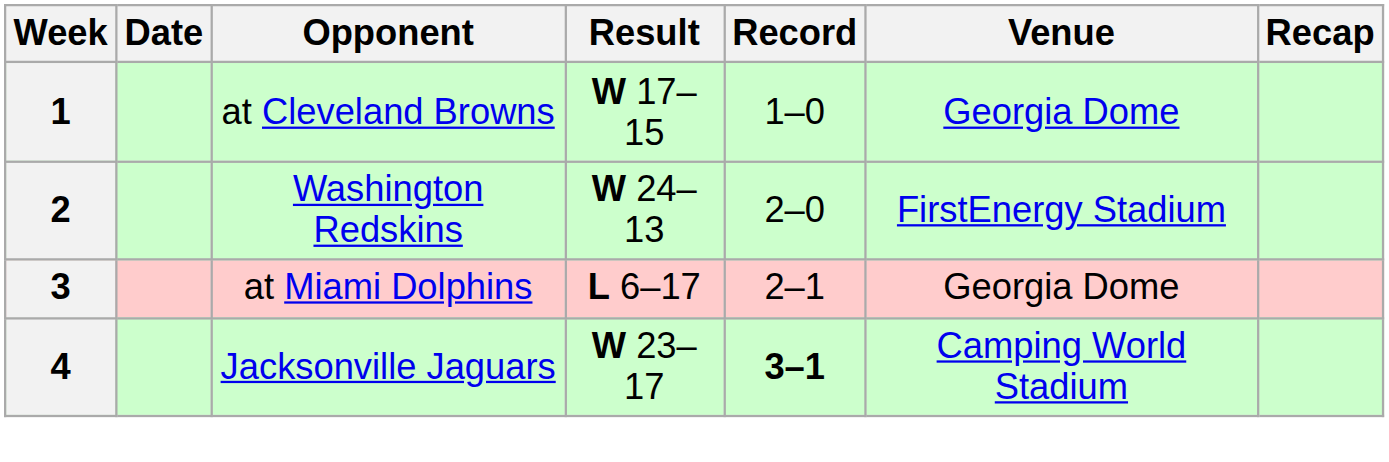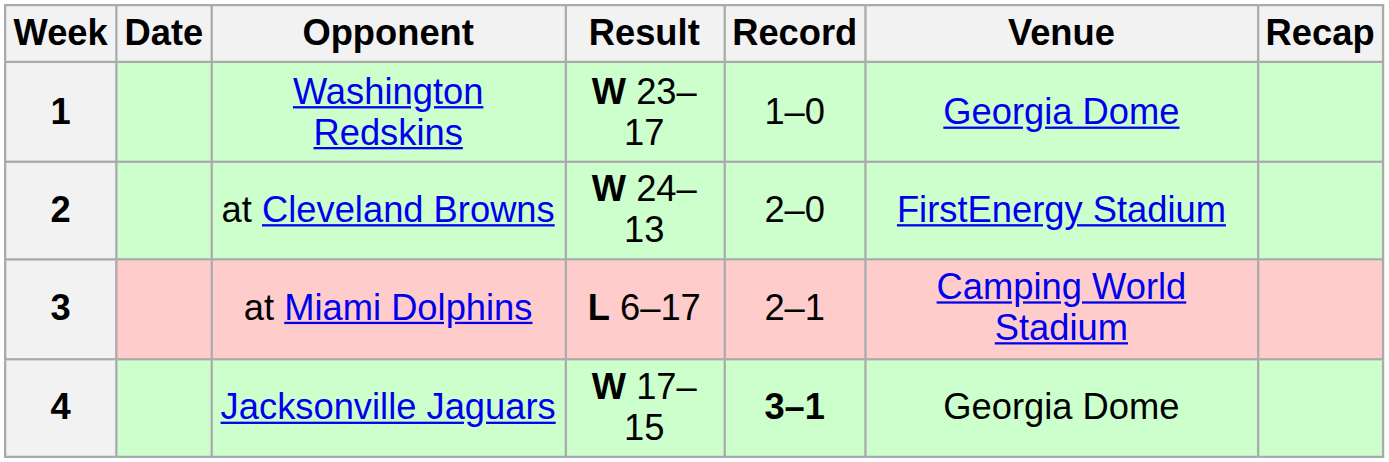 <table class="wikitable" style="text-align:center">
 <tr>
 <th>Week</th>
 <th>Date</th>
 <th>Opponent</th>
 <th>Result</th>
 <th>Record</th>
 <th>Venue</th>
 <th>Recap</th>
 </tr>
 <tr style="background:#cfc">
 <th>1</th>
 <td></td>
-<td>at <a href='#'>Cleveland Browns</a></td>
-<td><strong>W</strong> 17–15</td>
+<td><a href='#'>Washington Redskins</a></td>
+<td><strong>W</strong> 23–17</td>
 <td>1–0</td>
 <td><a href='#'>Georgia Dome</a></td>
 <td></td>
 </tr>
 <tr style="background:#cfc">
 <th>2</th>
 <td></td>
-<td><a href='#'>Washington Redskins</a></td>
+<td>at <a href='#'>Cleveland Browns</a></td>
 <td><strong>W</strong> 24–13</td>
 <td>2–0</td>
 <td><a href='#'>FirstEnergy Stadium</a></td>
 <td></td>
 </tr>
 <tr style="background:#fcc">
 <th>3</th>
 <td></td>
 <td>at <a href='#'>Miami Dolphins</a></td>
 <td><strong>L</strong> 6–17</td>
 <td>2–1</td>
-<td>Georgia Dome</td>
+<td><a href='#'>Camping World Stadium</a> </td>
 <td></td>
 </tr>
 <tr style="background:#cfc">
 <th>4</th>
 <td></td>
 <td><a href='#'>Jacksonville Jaguars</a></td>
-<td><strong>W</strong> 23–17</td>
+<td><strong>W</strong> 17–15</td>
 <td><strong>3–1</strong></td>
-<td><a href='#'>Camping World Stadium</a> </td>
+<td>Georgia Dome</td>
 <td></td>
 </tr>
 </table>
